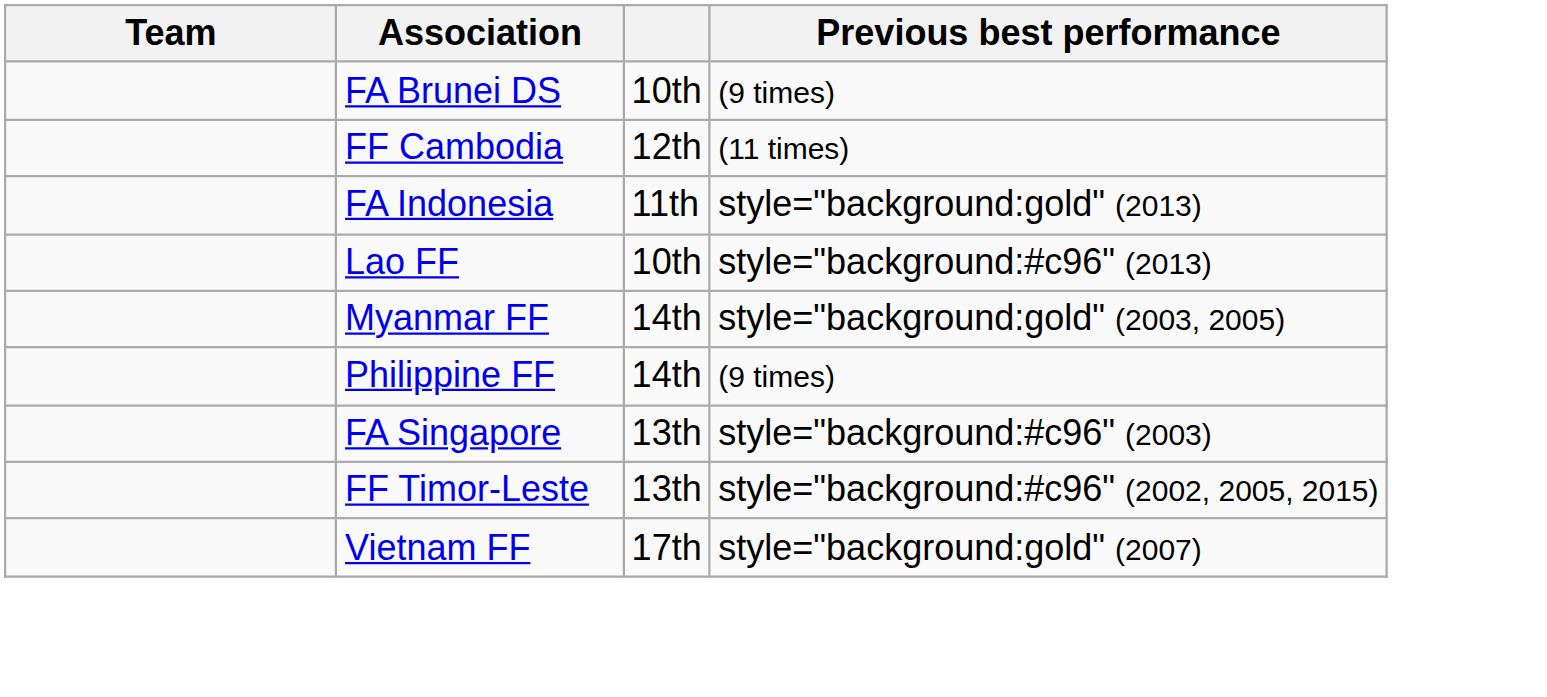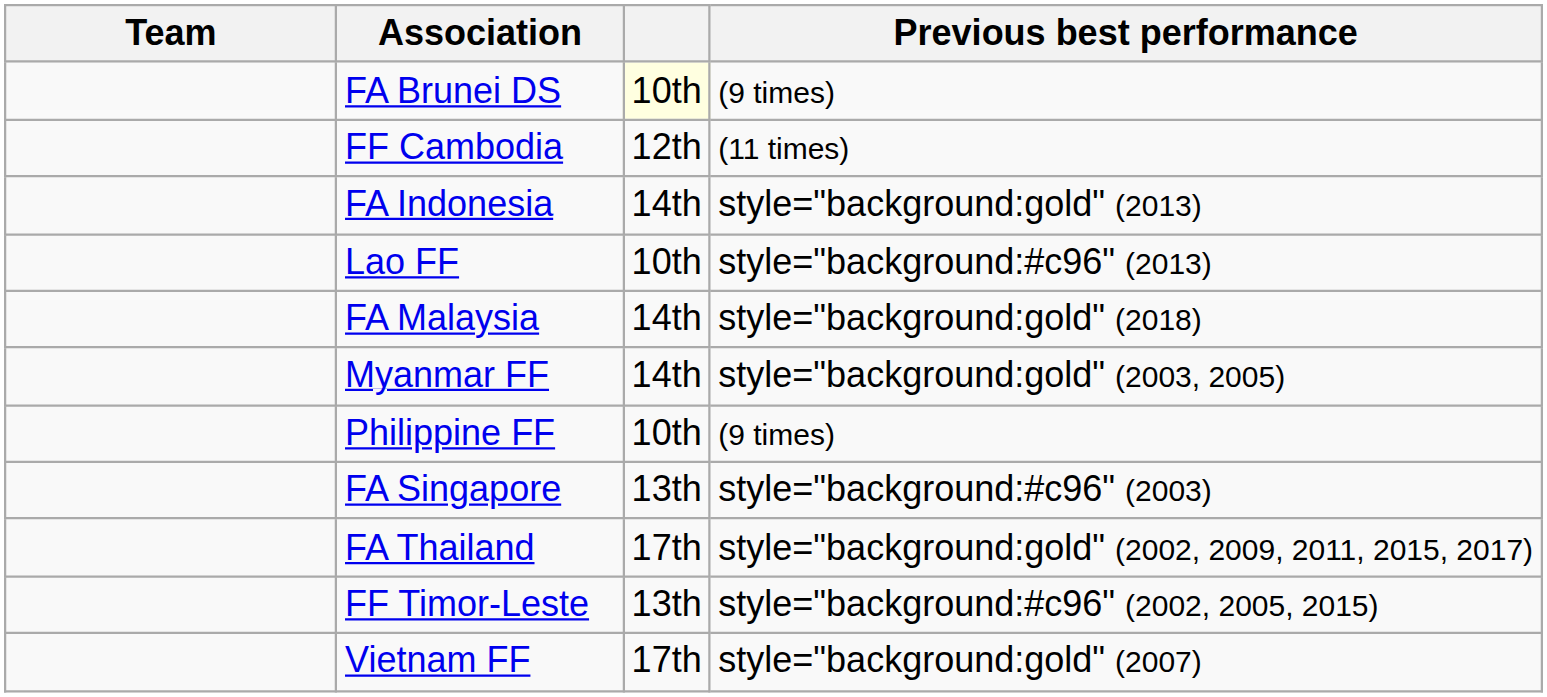 <table class="wikitable sortable">
 <tr>
 <th style="width:140px;">Team</th>
 <th style="width:120px;">Association</th>
 <th></th>
 <th>Previous best performance</th>
 </tr>
 <tr>
 <td></td>
 <td><a href='#'>FA Brunei DS</a></td>
-<td>10th</td>
+<td style="background: lightyellow;">10th</td>
 <td> <small>(9 times)</small></td>
 </tr>
 <tr>
 <td></td>
 <td><a href='#'>FF Cambodia</a></td>
 <td>12th</td>
 <td> <small>(11 times)</small></td>
 </tr>
 <tr>
 <td></td>
 <td><a href='#'>FA Indonesia</a></td>
-<td>11th</td>
+<td>14th</td>
 <td>style="background:gold"  <small>(2013)</small></td>
 </tr>
 <tr>
 <td></td>
 <td><a href='#'>Lao FF</a></td>
 <td>10th</td>
 <td>style="background:#c96"  <small>(2013)</small></td>
 </tr>
 <tr>
 <td></td>
+<td><a href='#'>FA Malaysia</a></td>
+<td>14th</td>
+<td>style="background:gold"  <small>(2018)</small></td>
+</tr>
+<tr>
+<td></td>
 <td><a href='#'>Myanmar FF</a></td>
 <td>14th</td>
 <td>style="background:gold"  <small>(2003, 2005)</small></td>
 </tr>
 <tr>
 <td></td>
 <td><a href='#'>Philippine FF</a></td>
-<td>14th</td>
+<td>10th</td>
 <td> <small>(9 times)</small></td>
 </tr>
 <tr>
 <td></td>
 <td><a href='#'>FA Singapore</a></td>
 <td>13th</td>
 <td>style="background:#c96"  <small>(2003)</small></td>
+</tr>
+<tr>
+<td></td>
+<td><a href='#'>FA Thailand</a></td>
+<td>17th</td>
+<td>style="background:gold"  <small>(2002, 2009, 2011, 2015, 2017)</small></td>
 </tr>
 <tr>
 <td></td>
 <td><a href='#'>FF Timor-Leste</a></td>
 <td>13th</td>
 <td>style="background:#c96"  <small>(2002, 2005, 2015)</small></td>
 </tr>
 <tr>
 <td></td>
 <td><a href='#'>Vietnam FF</a></td>
 <td>17th</td>
 <td>style="background:gold"  <small>(2007)</small></td>
 </tr>
 </table>
